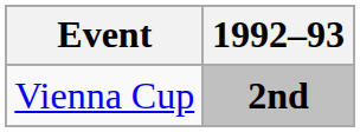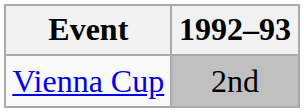 <table class="wikitable" style="text-align:center">
 <tr>
 <th>Event</th>
 <th>1992–93</th>
 </tr>
 <tr>
 <td align=left><a href='#'>Vienna Cup</a></td>
-<td bgcolor=silver><strong>2nd</strong></td>
+<td bgcolor=silver>2nd</td>
 </tr>
 </table>
